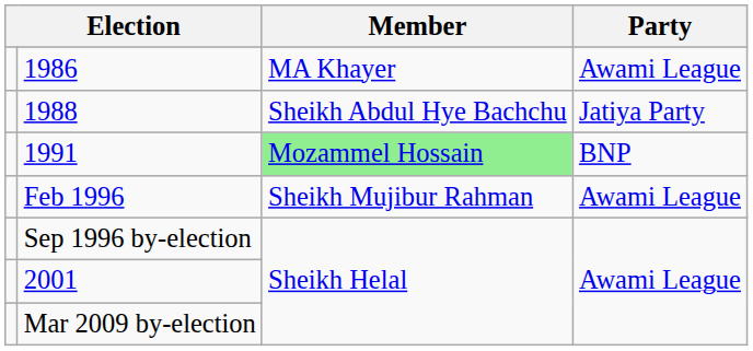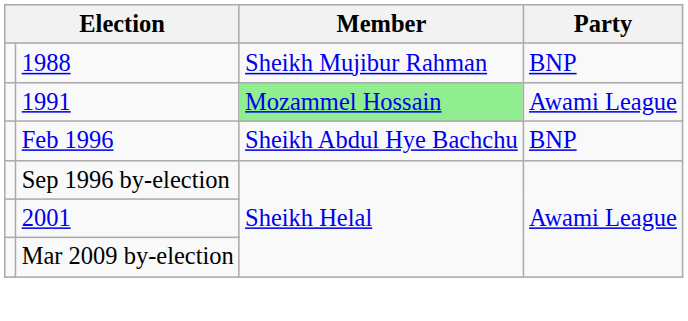 <table class="wikitable">
 <tr>
 <th colspan="2">Election</th>
 <th>Member</th>
 <th>Party</th>
 </tr>
 <tr>
 <td style="background-color:"></td>
-<td><a href='#'>1986</a></td>
-<td><a href='#'>MA Khayer</a></td>
-<td><a href='#'>Awami League</a></td>
-</tr>
-<tr>
-<td style="background-color:"></td>
 <td><a href='#'>1988</a></td>
-<td><a href='#'>Sheikh Abdul Hye Bachchu</a></td>
-<td><a href='#'>Jatiya Party</a></td>
+<td><a href='#'>Sheikh Mujibur Rahman</a></td>
+<td><a href='#'>BNP</a></td>
 </tr>
 <tr>
 <td style="background-color:"></td>
 <td><a href='#'>1991</a></td>
 <td style="background: lightgreen;"><a href='#'>Mozammel Hossain</a></td>
-<td><a href='#'>BNP</a></td>
+<td><a href='#'>Awami League</a></td>
 </tr>
 <tr>
 <td style="background-color:"></td>
 <td><a href='#'>Feb 1996</a></td>
-<td><a href='#'>Sheikh Mujibur Rahman</a></td>
-<td><a href='#'>Awami League</a></td>
+<td><a href='#'>Sheikh Abdul Hye Bachchu</a></td>
+<td><a href='#'>BNP</a></td>
 </tr>
 <tr>
 <td style="background-color:"></td>
 <td>Sep 1996 by-election</td>
 <td rowspan="3"><a href='#'>Sheikh Helal</a></td>
 <td rowspan="3"><a href='#'>Awami League</a></td>
 </tr>
 <tr>
 <td style="background-color:"></td>
 <td><a href='#'>2001</a></td>
 </tr>
 <tr>
 <td style="background-color:"></td>
 <td>Mar 2009 by-election</td>
 </tr>
 </table>
